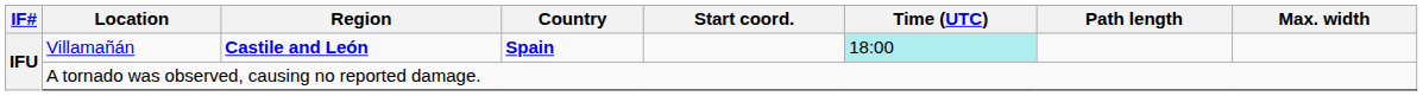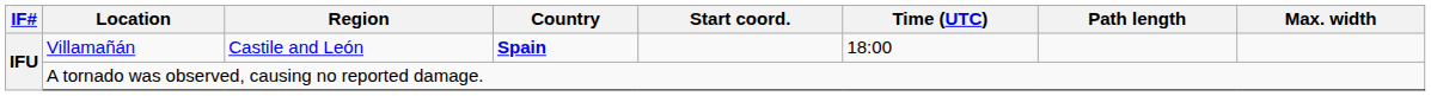 <table class="wikitable sortable" style="width:100%;">
 <tr>
 <th scope="col" width="2%" align="center"><a href='#'>IF#</a></th>
 <th scope="col" align="center" class="unsortable">Location</th>
 <th scope="col" align="center" class="unsortable">Region</th>
 <th scope="col" align="center">Country</th>
 <th scope="col" align="center">Start coord.</th>
 <th scope="col" align="center">Time (<a href='#'>UTC</a>)</th>
 <th scope="col" align="center">Path length</th>
 <th scope="col" align="center">Max. width</th>
 </tr>
 <tr>
 <th scope="row" rowspan="2" style="background-color:#">IFU</th>
 <td><a href='#'>Villamañán</a></td>
-<td><strong><a href='#'>Castile and León</a></strong></td>
+<td><a href='#'>Castile and León</a></td>
 <td><strong><a href='#'>Spain</a></strong></td>
 <td></td>
-<td style="background: paleturquoise;">18:00</td>
+<td>18:00</td>
 <td></td>
 <td></td>
 </tr>
 <tr class="expand-child">
 <td colspan="8" style=" border-bottom: 1px solid black;">A tornado was observed, causing no reported damage.</td>
 </tr>
 </table>
